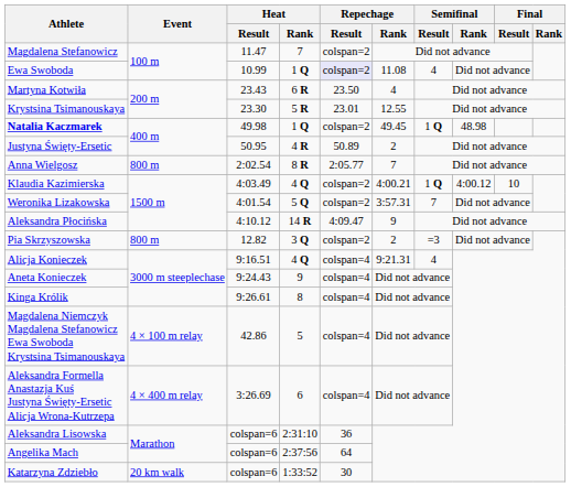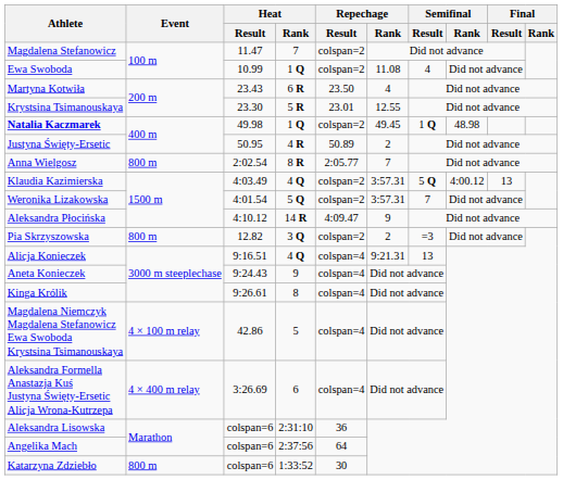 <table class="wikitable" style="text-align:center; font-size:90%">
 <tr>
 <th rowspan=2>Athlete</th>
 <th rowspan=2>Event</th>
 <th colspan=2>Heat</th>
 <th colspan=2>Repechage</th>
 <th colspan=2>Semifinal</th>
 <th colspan=2>Final</th>
 </tr>
 <tr>
 <th>Result</th>
 <th>Rank</th>
 <th>Result</th>
 <th>Rank</th>
 <th>Result</th>
 <th>Rank</th>
 <th>Result</th>
 <th>Rank</th>
 </tr>
 <tr>
 <td align=left><a href='#'>Magdalena Stefanowicz</a></td>
 <td rowspan=2 align=left><a href='#'>100 m</a></td>
 <td>11.47</td>
 <td>7</td>
 <td>colspan=2 </td>
 <td colspan=4>Did not advance</td>
 </tr>
 <tr>
 <td align=left><a href='#'>Ewa Swoboda</a></td>
 <td>10.99</td>
 <td>1 <strong>Q</strong></td>
-<td style="background: lavender;">colspan=2 </td>
+<td>colspan=2 </td>
 <td>11.08</td>
 <td>4</td>
 <td colspan=2>Did not advance</td>
 </tr>
 <tr>
 <td align=left><a href='#'>Martyna Kotwiła</a></td>
 <td rowspan=2 align=left><a href='#'>200 m</a></td>
 <td>23.43</td>
 <td>6 <strong>R</strong></td>
 <td>23.50</td>
 <td>4</td>
 <td colspan=4>Did not advance</td>
 </tr>
 <tr>
 <td align=left><a href='#'>Krystsina Tsimanouskaya</a></td>
 <td>23.30</td>
 <td>5 <strong>R</strong></td>
 <td>23.01</td>
 <td>12.55</td>
 <td colspan=4>Did not advance</td>
 </tr>
 <tr>
 <td align=left><strong><a href='#'>Natalia Kaczmarek</a></strong></td>
 <td rowspan=2 align=left><a href='#'>400 m</a></td>
 <td>49.98</td>
 <td>1 <strong>Q</strong></td>
 <td>colspan=2 </td>
 <td>49.45</td>
 <td>1 <strong>Q</strong></td>
 <td>48.98</td>
 <td></td>
 </tr>
 <tr>
 <td align=left><a href='#'>Justyna Święty-Ersetic</a></td>
 <td>50.95</td>
 <td>4 <strong>R</strong></td>
 <td>50.89</td>
 <td>2</td>
 <td colspan=4>Did not advance</td>
 </tr>
 <tr>
 <td align=left><a href='#'>Anna Wielgosz</a></td>
 <td align=left><a href='#'>800 m</a></td>
 <td>2:02.54</td>
 <td>8 <strong>R</strong></td>
 <td>2:05.77</td>
 <td>7</td>
 <td colspan=4>Did not advance</td>
 </tr>
 <tr>
 <td align=left><a href='#'>Klaudia Kazimierska</a></td>
 <td rowspan=3 align=left><a href='#'>1500 m</a></td>
 <td>4:03.49</td>
 <td>4 <strong>Q</strong></td>
 <td>colspan=2 </td>
-<td>4:00.21 <strong></strong></td>
-<td>1 <strong>Q</strong></td>
+<td>3:57.31 <strong></strong></td>
+<td>5 <strong>Q</strong></td>
 <td>4:00.12 <strong></strong></td>
-<td>10</td>
+<td>13</td>
 </tr>
 <tr>
 <td align=left><a href='#'>Weronika Lizakowska</a></td>
 <td>4:01.54 <strong></strong></td>
 <td>5 <strong>Q</strong></td>
 <td>colspan=2 </td>
 <td>3:57.31 <strong></strong></td>
 <td>7</td>
 <td colspan=2>Did not advance</td>
 </tr>
 <tr>
 <td align=left><a href='#'>Aleksandra Płocińska</a></td>
 <td>4:10.12</td>
 <td>14 <strong>R</strong></td>
 <td>4:09.47</td>
 <td>9</td>
 <td colspan=4>Did not advance</td>
 </tr>
 <tr>
 <td align=left><a href='#'>Pia Skrzyszowska</a></td>
 <td align=left><a href='#'>800 m</a></td>
 <td>12.82</td>
 <td>3 <strong>Q</strong></td>
 <td>colspan=2 </td>
 <td>2</td>
 <td>=3</td>
 <td colspan=2>Did not advance</td>
 </tr>
 <tr>
 <td align=left><a href='#'>Alicja Konieczek</a></td>
 <td rowspan=3 align=left><a href='#'>3000 m steeplechase</a></td>
 <td>9:16.51 <strong></strong></td>
 <td>4 <strong>Q</strong></td>
 <td>colspan=4 </td>
 <td>9:21.31</td>
-<td>4</td>
+<td>13</td>
 </tr>
 <tr>
 <td align=left><a href='#'>Aneta Konieczek</a></td>
 <td>9:24.43 <strong></strong></td>
 <td>9</td>
 <td>colspan=4 </td>
 <td colspan=2>Did not advance</td>
 </tr>
 <tr>
 <td align=left><a href='#'>Kinga Królik</a></td>
 <td>9:26.61 <strong></strong></td>
 <td>8</td>
 <td>colspan=4 </td>
 <td colspan=2>Did not advance</td>
 </tr>
 <tr>
 <td align=left><a href='#'>Magdalena Niemczyk</a><br><a href='#'>Magdalena Stefanowicz</a><br><a href='#'>Ewa Swoboda</a><br><a href='#'>Krystsina Tsimanouskaya</a></td>
 <td align=left><a href='#'>4 × 100 m relay</a></td>
 <td>42.86</td>
 <td>5</td>
 <td>colspan=4 </td>
 <td colspan=2>Did not advance</td>
 </tr>
 <tr>
 <td align=left><a href='#'>Aleksandra Formella</a><br><a href='#'>Anastazja Kuś</a><br><a href='#'>Justyna Święty-Ersetic</a><br><a href='#'>Alicja Wrona-Kutrzepa</a></td>
 <td align=left><a href='#'>4 × 400 m relay</a></td>
 <td>3:26.69</td>
 <td>6</td>
 <td>colspan=4 </td>
 <td colspan=2>Did not advance</td>
 </tr>
 <tr>
 <td align=left><a href='#'>Aleksandra Lisowska</a></td>
 <td align=left rowspan=2><a href='#'>Marathon</a></td>
 <td>colspan=6 </td>
 <td>2:31:10</td>
 <td>36</td>
 </tr>
 <tr>
 <td align=left><a href='#'>Angelika Mach</a></td>
 <td>colspan=6 </td>
 <td>2:37:56</td>
 <td>64</td>
 </tr>
 <tr>
 <td align=left><a href='#'>Katarzyna Zdziebło</a></td>
-<td align=left><a href='#'>20 km walk</a></td>
+<td align=left><a href='#'>800 m</a></td>
 <td>colspan=6 </td>
 <td>1:33:52</td>
 <td>30</td>
 </tr>
 </table>
